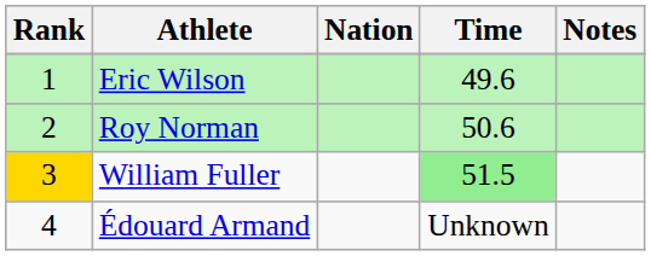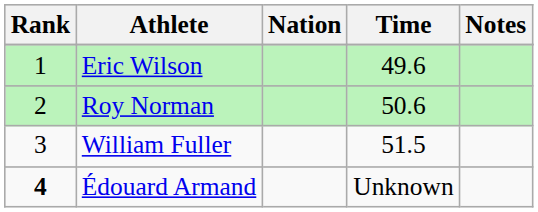 <table class="wikitable sortable" style="text-align:center">
 <tr>
 <th>Rank</th>
 <th>Athlete</th>
 <th>Nation</th>
 <th>Time</th>
 <th>Notes</th>
 </tr>
 <tr>
 </tr>
 <tr bgcolor=bbf3bb>
 <td>1</td>
 <td align=left><a href='#'>Eric Wilson</a></td>
 <td align=left></td>
 <td>49.6</td>
 <td></td>
 </tr>
 <tr bgcolor=bbf3bb>
 <td>2</td>
 <td align=left><a href='#'>Roy Norman</a></td>
 <td align=left></td>
 <td>50.6</td>
 <td></td>
 </tr>
 <tr>
-<td style="background: gold;">3</td>
+<td>3</td>
 <td align=left><a href='#'>William Fuller</a></td>
 <td align=left></td>
-<td style="background: lightgreen;">51.5</td>
+<td>51.5</td>
 <td></td>
 </tr>
 <tr>
-<td>4</td>
+<td><strong>4</strong></td>
 <td align=left><a href='#'>Édouard Armand</a></td>
 <td align=left></td>
 <td>Unknown</td>
 <td></td>
 </tr>
 </table>
